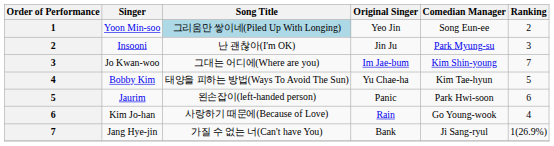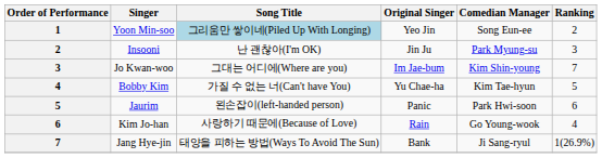 <table class="wikitable">
 <tr>
 <th>Order of Performance</th>
 <th>Singer</th>
 <th>Song Title</th>
 <th>Original Singer</th>
 <th>Comedian Manager</th>
 <th>Ranking</th>
 </tr>
 <tr align="center">
 <th>1</th>
 <td><a href='#'>Yoon Min-soo</a></td>
 <td style="background: lightblue;">그리움만 쌓이네(Piled Up With Longing)</td>
 <td>Yeo Jin</td>
 <td>Song Eun-ee</td>
 <td>2</td>
 </tr>
 <tr align="center">
 <th>2</th>
 <td><a href='#'>Insooni</a></td>
 <td>난 괜찮아(I'm OK)</td>
 <td>Jin Ju</td>
 <td><a href='#'>Park Myung-su</a></td>
 <td>3</td>
 </tr>
 <tr align="center">
 <th>3</th>
 <td>Jo Kwan-woo</td>
 <td>그대는 어디에(Where are you)</td>
 <td><a href='#'>Im Jae-bum</a></td>
 <td><a href='#'>Kim Shin-young</a></td>
 <td>7</td>
 </tr>
 <tr align="center">
 <th>4</th>
 <td><a href='#'>Bobby Kim</a></td>
-<td>태양을 피하는 방법(Ways To Avoid The Sun)</td>
+<td>가질 수 없는 너(Can't have You)</td>
 <td>Yu Chae-ha</td>
 <td>Kim Tae-hyun</td>
 <td>5</td>
 </tr>
 <tr align="center">
 <th>5</th>
 <td><a href='#'>Jaurim</a></td>
 <td>왼손잡이(left-handed person)</td>
 <td>Panic</td>
 <td>Park Hwi-soon</td>
 <td>6</td>
 </tr>
 <tr align="center">
 <th>6</th>
 <td>Kim Jo-han</td>
 <td>사랑하기 때문에(Because of Love)</td>
 <td><a href='#'>Rain</a></td>
 <td>Go Young-wook</td>
 <td>4</td>
 </tr>
 <tr align="center">
 <th>7</th>
 <td>Jang Hye-jin</td>
-<td>가질 수 없는 너(Can't have You)</td>
+<td>태양을 피하는 방법(Ways To Avoid The Sun)</td>
 <td>Bank</td>
 <td>Ji Sang-ryul</td>
 <td>1(26.9%)</td>
 </tr>
 <tr>
 </tr>
 </table>
